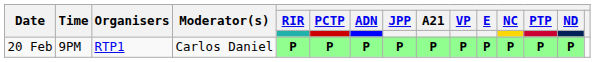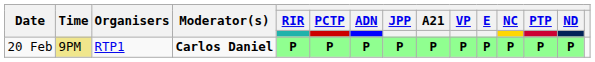 <table class="wikitable" style="text-align:center;">
 <tr>
 <th rowspan="3">Date</th>
 <th rowspan="3">Time</th>
 <th rowspan="3">Organisers</th>
 <th rowspan="3">Moderator(s)</th>
 <th colspan="11">          </th>
 </tr>
 <tr>
 <th scope="col" style="width:5em;"><a href='#'>RIR</a></th>
 <th scope="col" style="width:5em;"><a href='#'>PCTP</a></th>
 <th scope="col" style="width:5em;"><a href='#'>ADN</a></th>
 <th scope="col" style="width:5em;"><a href='#'>JPP</a></th>
 <th scope="col" style="width:5em;">A21</th>
 <th scope="col" style="width:5em;"><a href='#'>VP</a></th>
 <th scope="col" style="width:5em;"><a href='#'>E</a></th>
 <th scope="col" style="width:5em;"><a href='#'>NC</a></th>
 <th scope="col" style="width:5em;"><a href='#'>PTP</a></th>
 <th scope="col" style="width:5em;"><a href='#'>ND</a></th>
 <th rowspan="2"></th>
 </tr>
 <tr>
 <th style="color:inherit;background:LightSeaGreen;"></th>
 <th style="color:inherit;background:#cc0000;"></th>
 <th style="color:inherit;background:blue;"></th>
 <th style="color:inherit;background:"></th>
 <th style="color:inherit;background:"></th>
 <th style="color:inherit;background:"></th>
 <th style="color:inherit;background:"></th>
 <th style="color:inherit;background:gold;"></th>
 <th style="color:inherit;background:#CC0033;"></th>
 <th style="color:inherit;background:#012257;"></th>
 </tr>
 <tr>
 <td style="white-space:nowrap; text-align:left;">20 Feb</td>
-<td style="white-space:nowrap; text-align:left;">9PM</td>
+<td style="background: khaki; white-space:nowrap; text-align:left;">9PM</td>
 <td style="white-space:nowrap; text-align:left;"><a href='#'>RTP1</a></td>
-<td style="white-space:nowrap; text-align:left;">Carlos Daniel</td>
+<td style="white-space:nowrap; text-align:left;"><strong>Carlos Daniel</strong></td>
 <td style="background:#90FF90;"><strong>P</strong><br></td>
 <td style="background:#90FF90;"><strong>P</strong><br></td>
 <td style="background:#90FF90;"><strong>P</strong><br></td>
 <td style="background:#90FF90;"><strong>P</strong><br></td>
 <td style="background:#90FF90;"><strong>P</strong><br></td>
 <td style="background:#90FF90;"><strong>P</strong><br></td>
 <td style="background:#90FF90;"><strong>P</strong><br></td>
 <td style="background:#90FF90;"><strong>P</strong><br></td>
 <td style="background:#90FF90;"><strong>P</strong><br></td>
 <td style="background:#90FF90;"><strong>P</strong><br></td>
 <td></td>
 </tr>
 </table>
